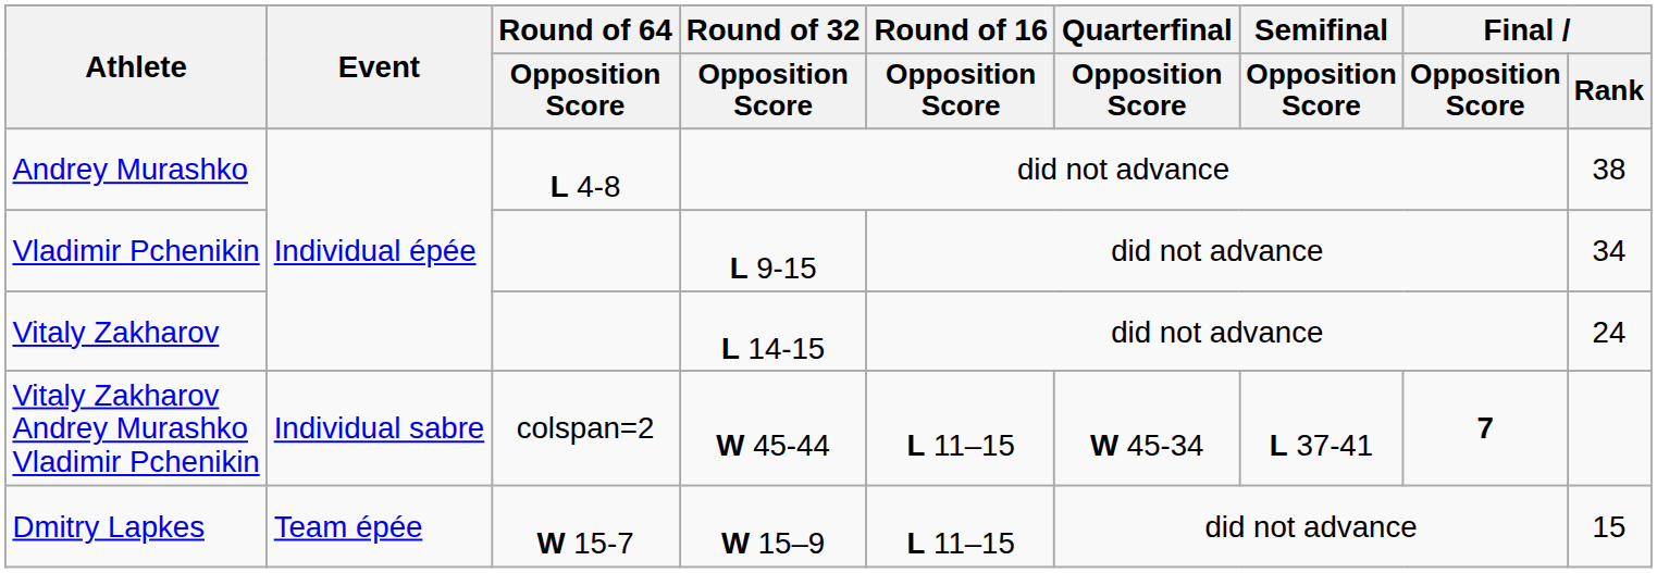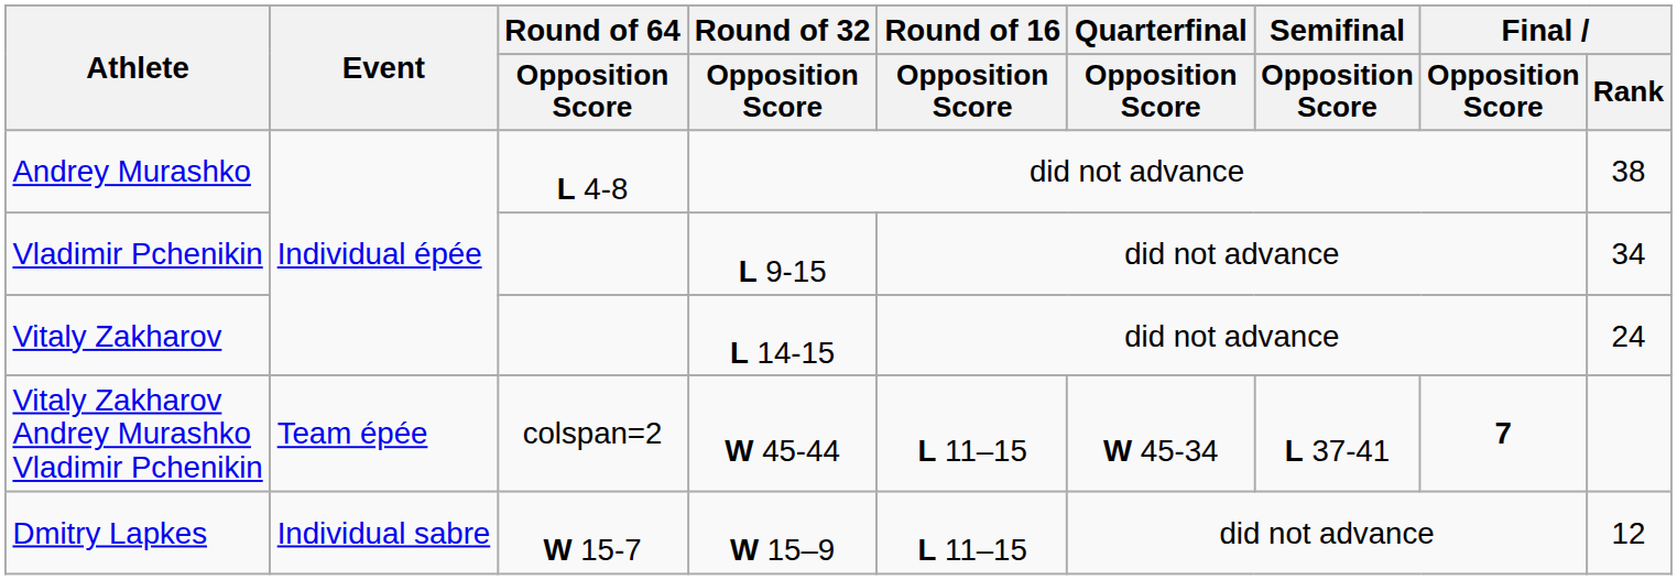 <table class="wikitable" style="font-size:90%">
 <tr>
 <th rowspan="2">Athlete</th>
 <th rowspan="2">Event</th>
 <th>Round of 64</th>
 <th>Round of 32</th>
 <th>Round of 16</th>
 <th>Quarterfinal</th>
 <th>Semifinal</th>
 <th colspan=2>Final / </th>
 </tr>
 <tr style="font-size:95%">
 <th>Opposition <br> Score</th>
 <th>Opposition <br> Score</th>
 <th>Opposition <br> Score</th>
 <th>Opposition <br> Score</th>
 <th>Opposition <br> Score</th>
 <th>Opposition <br> Score</th>
 <th>Rank</th>
 </tr>
 <tr align=center>
 <td align=left><a href='#'>Andrey Murashko</a></td>
 <td align=left rowspan=3><a href='#'>Individual épée</a></td>
 <td><br><strong>L</strong> 4-8</td>
 <td colspan=5>did not advance</td>
 <td>38</td>
 </tr>
 <tr align=center>
 <td align=left><a href='#'>Vladimir Pchenikin</a></td>
 <td></td>
 <td><br><strong>L</strong> 9-15</td>
 <td colspan=4>did not advance</td>
 <td>34</td>
 </tr>
 <tr align=center>
 <td align=left><a href='#'>Vitaly Zakharov</a></td>
 <td></td>
 <td><br><strong>L</strong> 14-15</td>
 <td colspan=4>did not advance</td>
 <td>24</td>
 </tr>
 <tr align=center>
 <td align=left><a href='#'>Vitaly Zakharov</a><br><a href='#'>Andrey Murashko</a><br><a href='#'>Vladimir Pchenikin</a></td>
-<td align=left><a href='#'>Individual sabre</a></td>
+<td align=left><a href='#'>Team épée</a></td>
 <td>colspan=2 </td>
 <td><br><strong>W</strong> 45-44</td>
 <td><br><strong>L</strong> 11–15</td>
 <td><br><strong>W</strong> 45-34</td>
 <td><br><strong>L</strong> 37-41</td>
 <td><strong>7</strong></td>
 </tr>
 <tr align=center>
 <td align=left><a href='#'>Dmitry Lapkes</a></td>
-<td align=left><a href='#'>Team épée</a></td>
+<td align=left><a href='#'>Individual sabre</a></td>
 <td><br><strong>W</strong> 15-7</td>
 <td><br><strong>W</strong> 15–9</td>
 <td><br><strong>L</strong> 11–15</td>
 <td colspan=3>did not advance</td>
-<td>15</td>
+<td>12</td>
 </tr>
 </table>
